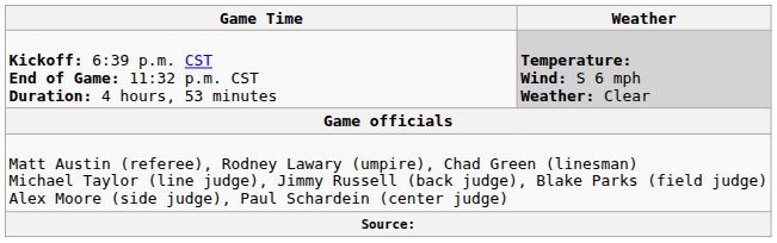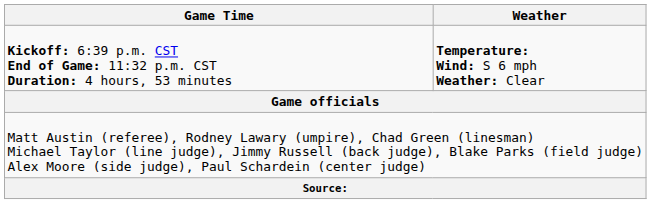 <table class="wikitable">
 <tr>
 <th>Game Time</th>
 <th>Weather</th>
 </tr>
 <tr>
 <td><br><strong>Kickoff:</strong> 6:39 p.m. <a href='#'>CST</a><br> <strong>End of Game:</strong> 11:32 p.m. CST<br> <strong>Duration:</strong> 4 hours, 53 minutes</td>
-<td style="background: lightgrey;"><br><strong>Temperature:</strong> <br> <strong>Wind:</strong> S 6 mph<br> <strong>Weather:</strong> Clear</td>
+<td><br><strong>Temperature:</strong> <br> <strong>Wind:</strong> S 6 mph<br> <strong>Weather:</strong> Clear</td>
 </tr>
 <tr>
 <th colspan=2>Game officials</th>
 </tr>
 <tr>
 <td colspan=2><br>Matt Austin (referee), Rodney Lawary (umpire), Chad Green (linesman)<br>Michael Taylor (line judge), Jimmy Russell (back judge), Blake Parks (field judge)<br>Alex Moore (side judge), Paul Schardein (center judge)</td>
 </tr>
 <tr>
 <th colspan=2><small>Source:</small></th>
 </tr>
 </table>
